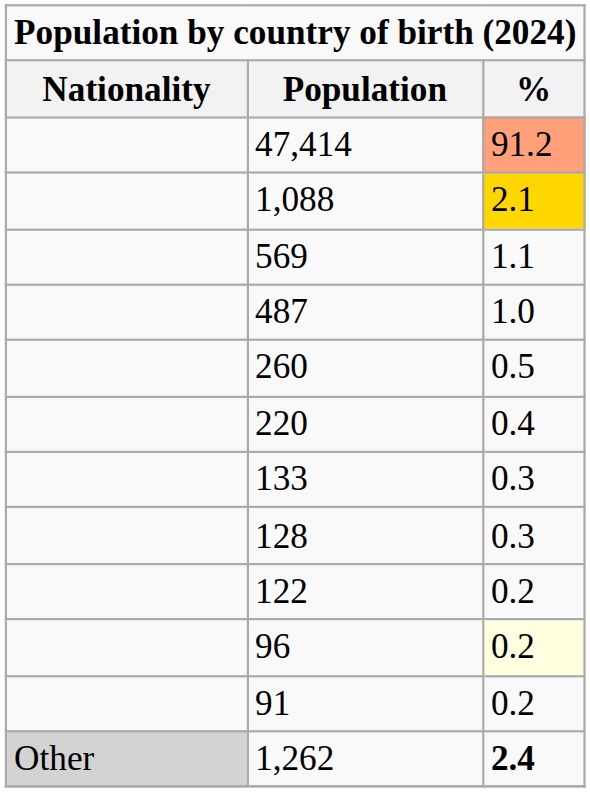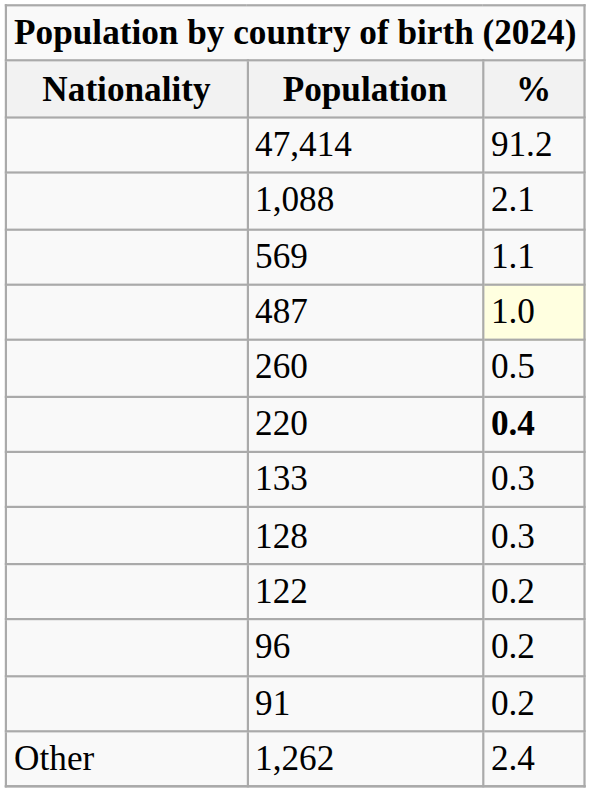 <table class="wikitable" style="float:right;">
 <tr>
 <td colspan="3"><strong>Population by country of birth (2024)</strong></td>
 </tr>
 <tr \>
 <th>Nationality</th>
 <th>Population</th>
 <th>%</th>
 </tr>
 <tr>
 <td></td>
 <td>47,414</td>
-<td style="background: lightsalmon;">91.2</td>
+<td>91.2</td>
 </tr>
 <tr>
 <td></td>
 <td>1,088</td>
-<td style="background: gold;">2.1</td>
+<td>2.1</td>
 </tr>
 <tr>
 <td></td>
 <td>569</td>
 <td>1.1</td>
 </tr>
 <tr>
 <td></td>
 <td>487</td>
-<td>1.0</td>
+<td style="background: lightyellow;">1.0</td>
 </tr>
 <tr>
 <td></td>
 <td>260</td>
 <td>0.5</td>
 </tr>
 <tr>
 <td></td>
 <td>220</td>
-<td>0.4</td>
+<td><strong>0.4</strong></td>
 </tr>
 <tr>
 <td></td>
 <td>133</td>
 <td>0.3</td>
 </tr>
 <tr>
 <td></td>
 <td>128</td>
 <td>0.3</td>
 </tr>
 <tr>
 <td></td>
 <td>122</td>
 <td>0.2</td>
 </tr>
 <tr>
 <td></td>
 <td>96</td>
-<td style="background: lightyellow;">0.2</td>
+<td>0.2</td>
 </tr>
 <tr>
 <td></td>
 <td>91</td>
 <td>0.2</td>
 </tr>
 <tr>
-<td style="background: lightgrey;">Other</td>
+<td>Other</td>
 <td>1,262</td>
-<td><strong>2.4</strong></td>
+<td>2.4</td>
 </tr>
 <tr>
 </tr>
 </table>
